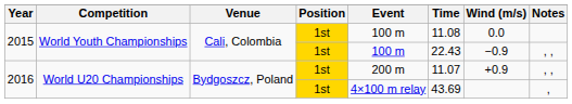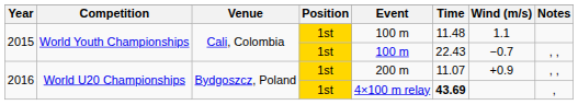 <table class="wikitable sortable" style=text-align:center>
 <tr>
 </tr>
 <tr>
 <th>Year</th>
 <th>Competition</th>
 <th>Venue</th>
 <th>Position</th>
 <th>Event</th>
 <th>Time</th>
 <th>Wind (m/s)</th>
 <th>Notes</th>
 </tr>
 <tr>
 <td rowspan=2>2015</td>
 <td rowspan=2><a href='#'>World Youth Championships</a></td>
 <td rowspan=2><a href='#'>Cali</a>, Colombia</td>
 <td bgcolor=gold>1st</td>
 <td>100 m</td>
-<td>11.08</td>
-<td>0.0</td>
+<td>11.48</td>
+<td>1.1</td>
 <td></td>
 </tr>
 <tr>
 <td bgcolor=gold>1st</td>
 <td><a href='#'>100 m</a></td>
 <td>22.43</td>
-<td>−0.9</td>
+<td>−0.7</td>
 <td>, , </td>
 </tr>
 <tr>
 <td rowspan=2>2016</td>
 <td rowspan=2><a href='#'>World U20 Championships</a></td>
 <td rowspan=2><a href='#'>Bydgoszcz</a>, Poland</td>
 <td bgcolor=gold>1st</td>
 <td>200 m</td>
 <td>11.07</td>
 <td>+0.9</td>
 <td>, , </td>
 </tr>
 <tr>
 <td bgcolor=gold>1st</td>
 <td data-sort-value="400 relay"><a href='#'>4×100 m relay</a></td>
-<td>43.69</td>
+<td><strong>43.69</strong></td>
 <td></td>
 <td>, </td>
 </tr>
 </table>
